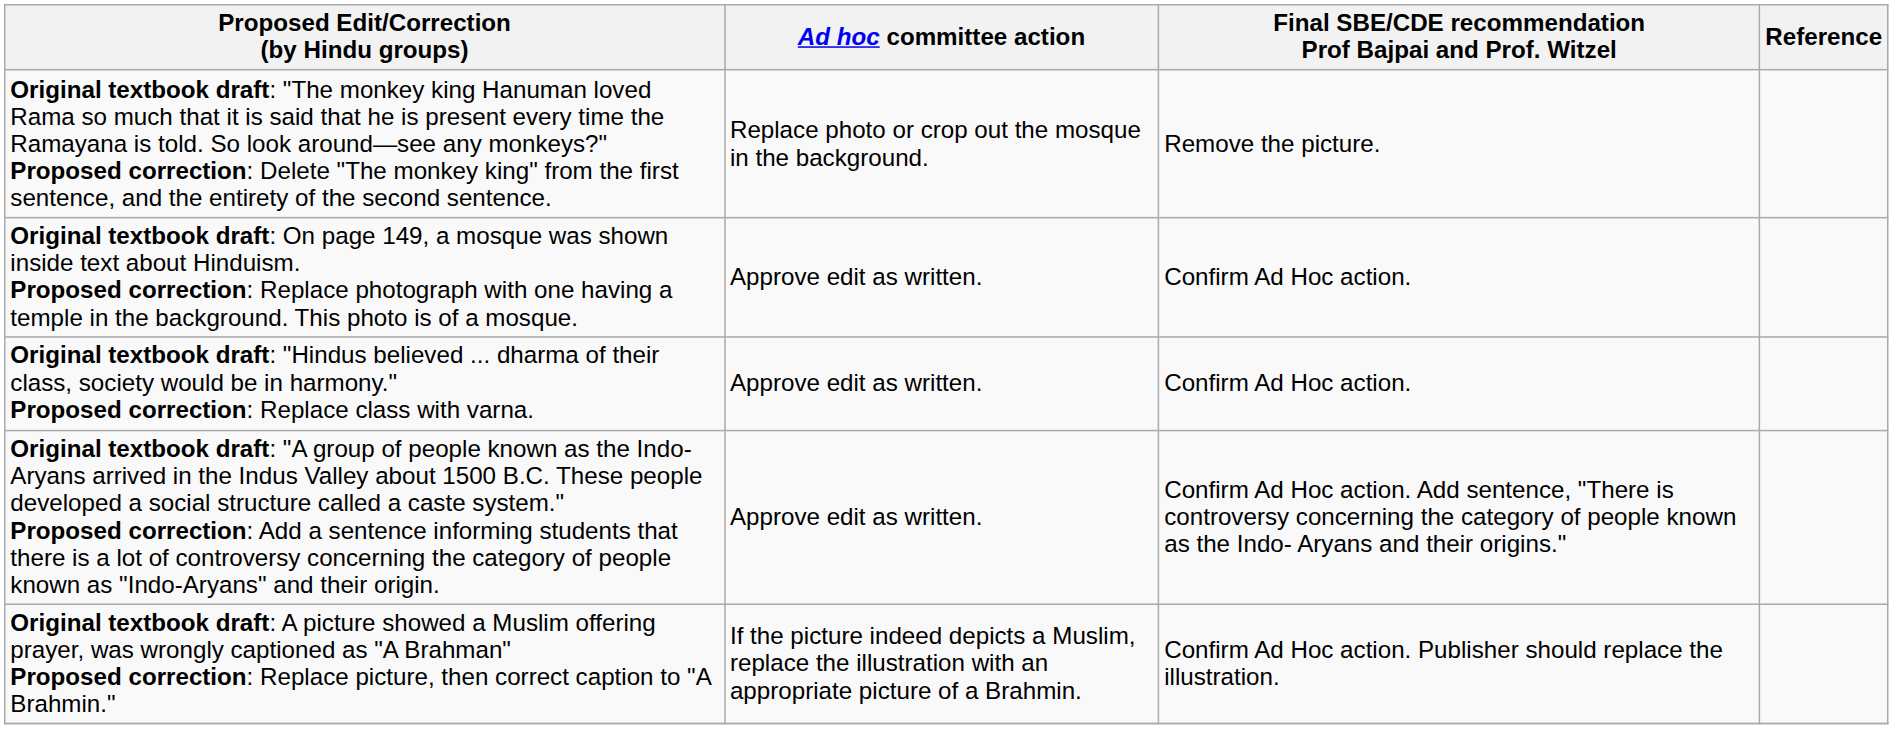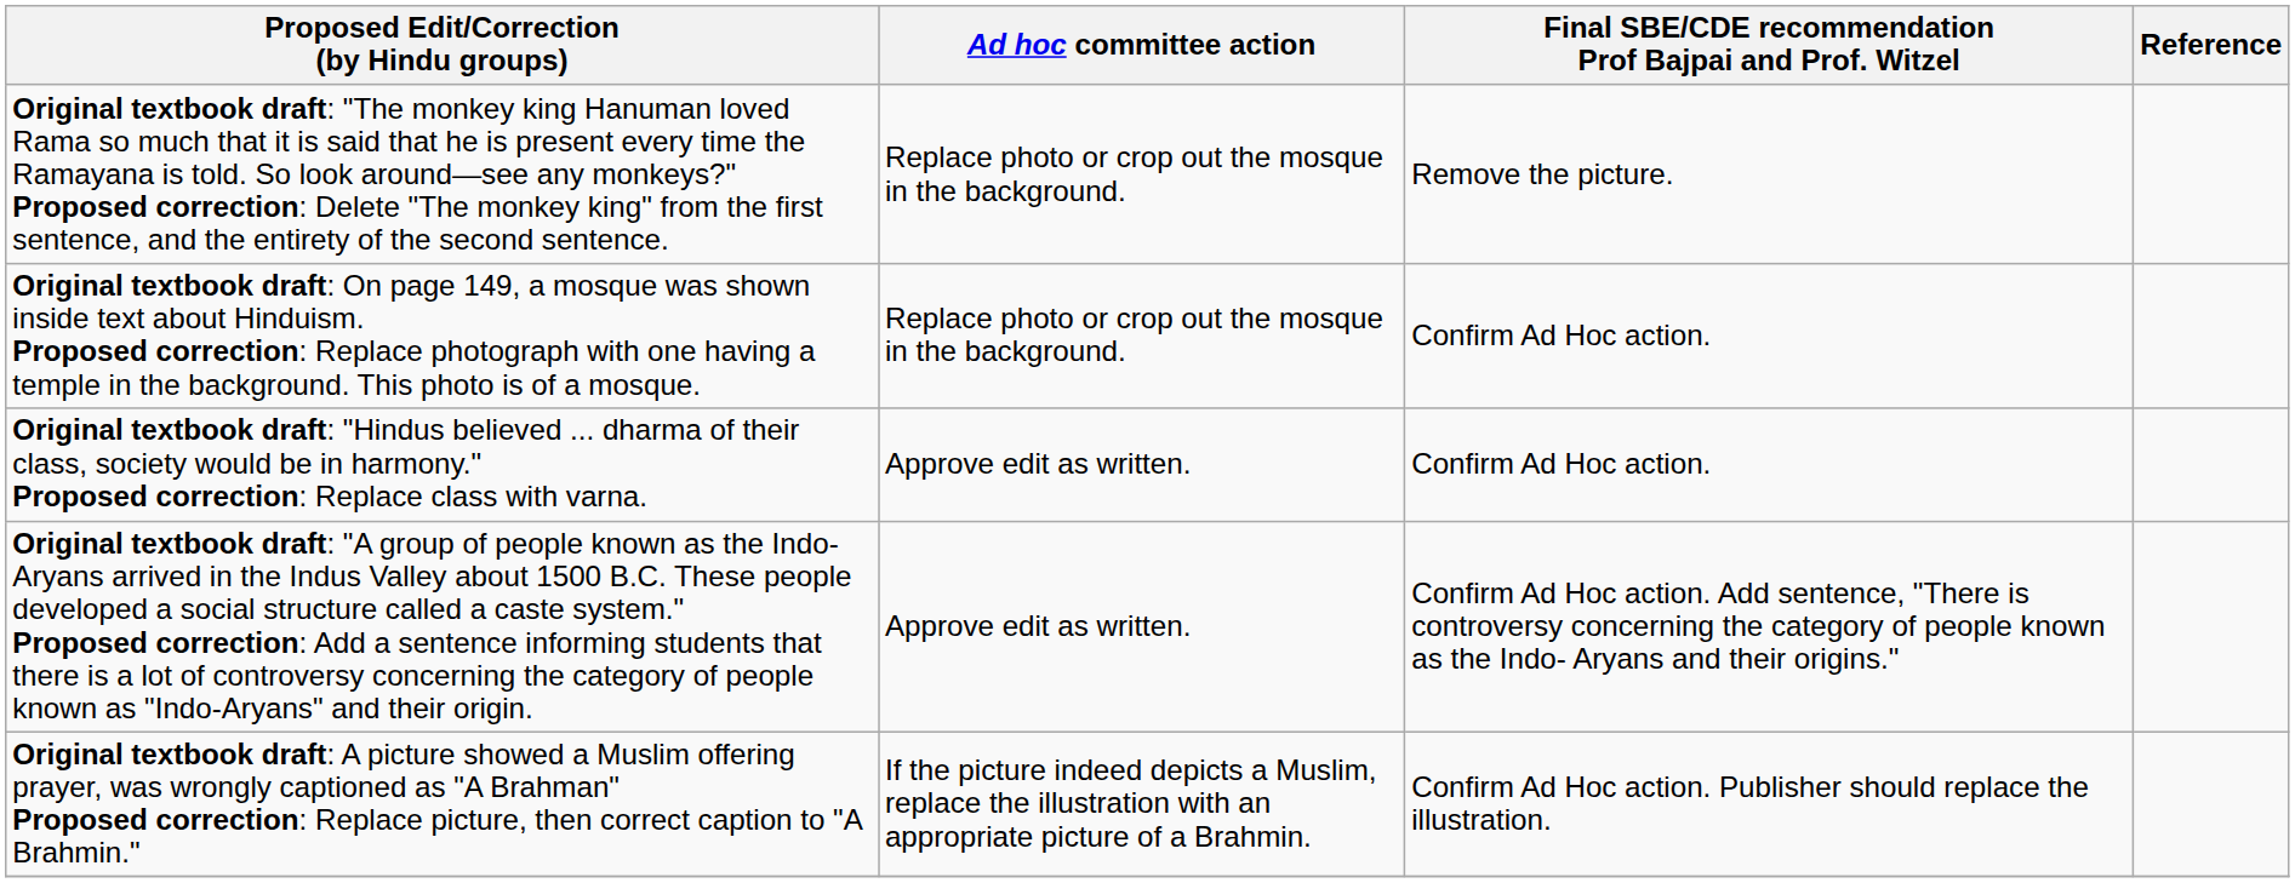 <table class="wikitable">
 <tr>
 <th>Proposed Edit/Correction<br>(by Hindu groups)</th>
 <th><em><a href='#'>Ad hoc</a></em> committee action</th>
 <th>Final SBE/CDE recommendation<br>Prof Bajpai and Prof. Witzel</th>
 <th>Reference</th>
 </tr>
 <tr>
 <td><strong>Original textbook draft</strong>: "The monkey king Hanuman loved Rama so much that it is said that he is present every time the Ramayana is told. So look around—see any monkeys?"<br><strong>Proposed correction</strong>: Delete "The monkey king" from the first sentence, and the entirety of the second sentence.</td>
 <td>Replace photo or crop out the mosque in the background.</td>
 <td>Remove the picture.</td>
 <td></td>
 </tr>
 <tr>
 <td><strong>Original textbook draft</strong>: On page 149, a mosque was shown inside text about Hinduism.<br><strong>Proposed correction</strong>: Replace photograph with one having a temple in the background. This photo is of a mosque.</td>
-<td>Approve edit as written.</td>
+<td>Replace photo or crop out the mosque in the background.</td>
 <td>Confirm Ad Hoc action.</td>
 <td></td>
 </tr>
 <tr>
 <td><strong>Original textbook draft</strong>: "Hindus believed ... dharma of their class, society would be in harmony."<br><strong>Proposed correction</strong>: Replace class with varna.</td>
 <td>Approve edit as written.</td>
 <td>Confirm Ad Hoc action.</td>
 <td></td>
 </tr>
 <tr>
 <td><strong>Original textbook draft</strong>: "A group of people known as the Indo-Aryans arrived in the Indus Valley about 1500 B.C. These people developed a social structure called a caste system."<br><strong>Proposed correction</strong>: Add a sentence informing students that there is a lot of controversy concerning the category of people known as "Indo-Aryans" and their origin.</td>
 <td>Approve edit as written.</td>
 <td>Confirm Ad Hoc action. Add sentence, "There is controversy concerning the category of people known as the Indo- Aryans and their origins."</td>
 <td></td>
 </tr>
 <tr>
 <td><strong>Original textbook draft</strong>: A picture showed a Muslim offering prayer, was wrongly captioned as "A Brahman"<br><strong>Proposed correction</strong>: Replace picture, then correct caption to "A Brahmin."</td>
 <td>If the picture indeed depicts a Muslim, replace the illustration with an appropriate picture of a Brahmin.</td>
 <td>Confirm Ad Hoc action. Publisher should replace the illustration.</td>
 <td></td>
 </tr>
 <tr>
 </tr>
 </table>
